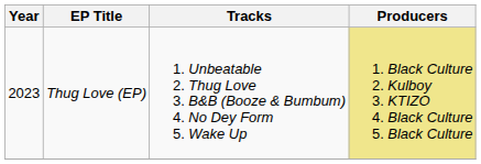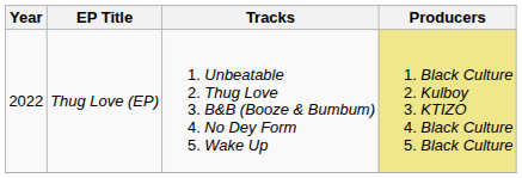 <table class="wikitable">
 <tr>
 <th>Year</th>
 <th>EP Title</th>
 <th>Tracks</th>
 <th>Producers</th>
 </tr>
 <tr>
-<td>2023</td>
+<td>2022</td>
 <td><em>Thug Love (EP)</em></td>
 <td><br><ol><li><em>Unbeatable</em></li><li><em>Thug Love</em></li><li><em>B&B (Booze & Bumbum)</em></li><li><em>No Dey Form</em></li><li><em>Wake Up</em></li></ol></td>
 <td style="background: khaki;"><br><ol><li><em>Black Culture</em></li><li><em>Kulboy</em></li><li><em>KTIZO</em></li><li><em>Black Culture</em></li><li><em>Black Culture</em></li></ol></td>
 </tr>
 <tr>
 </tr>
 </table>
